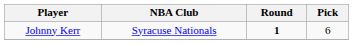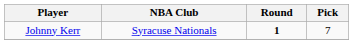 <table class="wikitable" width="500">
 <tr>
 <th>Player</th>
 <th>NBA Club</th>
 <th>Round</th>
 <th>Pick</th>
 </tr>
 <tr align="center" bgcolor="">
 <td><a href='#'>Johnny Kerr</a></td>
 <td><a href='#'>Syracuse Nationals</a></td>
 <td><strong>1</strong></td>
-<td>6</td>
+<td>7</td>
 </tr>
 <tr align="center" bgcolor="">
 </tr>
 </table>
